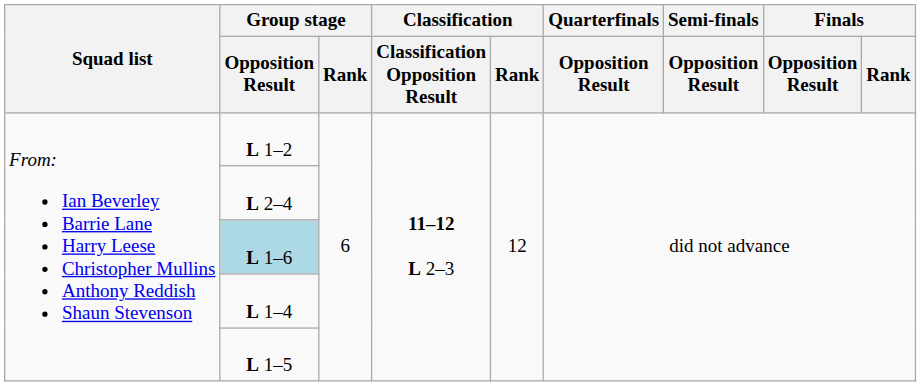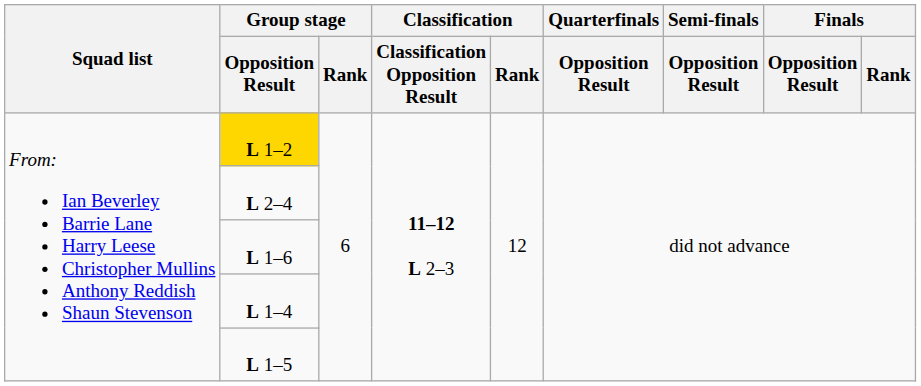 <table class=wikitable style="font-size:90%">
 <tr>
 <th rowspan="2">Squad list</th>
 <th colspan="2">Group stage</th>
 <th colspan="2">Classification</th>
 <th>Quarterfinals</th>
 <th>Semi-finals</th>
 <th colspan="2">Finals</th>
 </tr>
 <tr>
 <th>Opposition<br>Result</th>
 <th>Rank</th>
 <th>Classification<br>Opposition<br>Result</th>
 <th>Rank</th>
 <th>Opposition<br>Result</th>
 <th>Opposition<br>Result</th>
 <th>Opposition<br>Result</th>
 <th>Rank</th>
 </tr>
 <tr>
 <td rowspan="5"><em>From:</em><br><ul><li><a href='#'>Ian Beverley</a></li><li><a href='#'>Barrie Lane</a></li><li><a href='#'>Harry Leese</a></li><li><a href='#'>Christopher Mullins</a></li><li><a href='#'>Anthony Reddish</a></li><li><a href='#'>Shaun Stevenson</a></li></ul></td>
-<td align="center"><br><strong>L</strong> 1–2</td>
+<td align="center" style="background: gold;"><br><strong>L</strong> 1–2</td>
 <td align="center" rowspan="5">6</td>
 <td align="center" rowspan="5"><strong>11–12</strong><br><br><strong>L</strong> 2–3</td>
 <td align="center" rowspan="5">12</td>
 <td align="center" rowspan="5" colspan=4>did not advance</td>
 </tr>
 <tr>
 <td align="center"><br><strong>L</strong> 2–4</td>
 </tr>
 <tr>
-<td align="center" style="background: lightblue;"><br><strong>L</strong> 1–6</td>
+<td align="center"><br><strong>L</strong> 1–6</td>
 </tr>
 <tr>
 <td align="center"><br><strong>L</strong> 1–4</td>
 </tr>
 <tr>
 <td align="center"><br><strong>L</strong> 1–5</td>
 </tr>
 </table>
